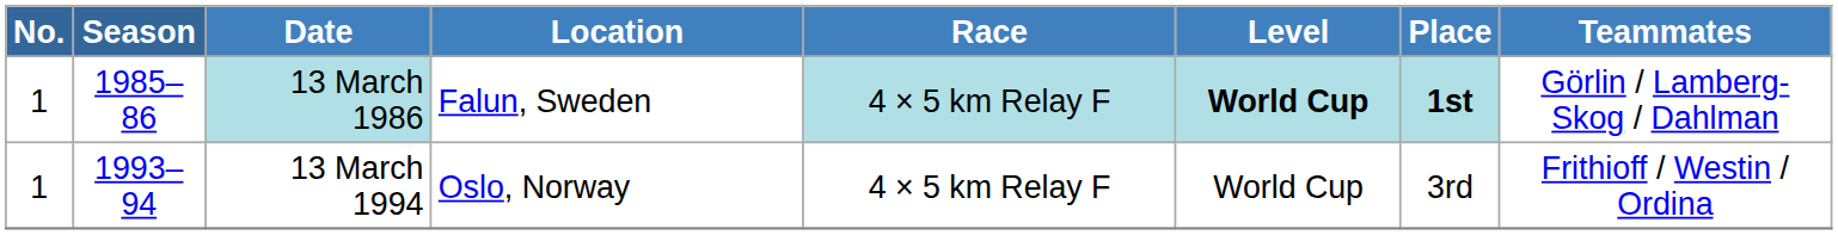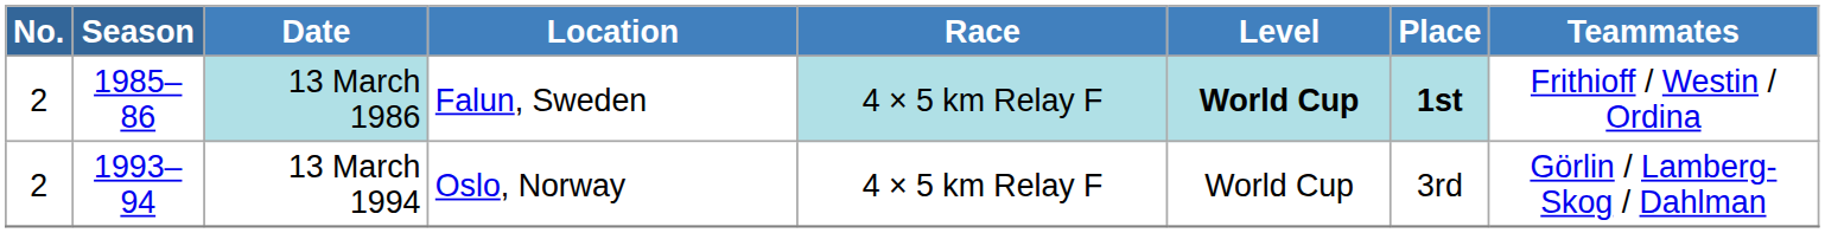 <table class="wikitable sortable" style="font-size:95%; text-align:center; border:grey solid 1px; border-collapse:collapse; background:#ffffff;">
 <tr style="background:#efefef;">
 <th style="background-color:#369; color:white;">No.</th>
 <th style="background-color:#369; color:white;">Season</th>
 <th style="background-color:#4180be; color:white; width:100px;">Date</th>
 <th style="background-color:#4180be; color:white; width:170px;">Location</th>
 <th style="background-color:#4180be; color:white; width:170px;">Race</th>
 <th style="background-color:#4180be; color:white; width:100px;">Level</th>
 <th style="background-color:#4180be; color:white;">Place</th>
 <th style="background-color:#4180be; color:white;">Teammates</th>
 </tr>
 <tr>
-<td align=center>1</td>
+<td align=center>2</td>
 <td rowspan=1 align=center><a href='#'>1985–86</a></td>
 <td bgcolor="#BOEOE6" align=right>13 March 1986</td>
 <td align=left> <a href='#'>Falun</a>, Sweden</td>
 <td bgcolor="#BOEOE6">4 × 5 km Relay F</td>
 <td bgcolor="#BOEOE6"><strong>World Cup</strong></td>
 <td bgcolor="#BOEOE6"><strong>1st</strong></td>
-<td><a href='#'>Görlin</a> / <a href='#'>Lamberg-Skog</a> / <a href='#'>Dahlman</a></td>
+<td><a href='#'>Frithioff</a> / <a href='#'>Westin</a> / <a href='#'>Ordina</a></td>
 </tr>
 <tr>
-<td align=center>1</td>
+<td align=center>2</td>
 <td rowspan=1 align=center><a href='#'>1993–94</a></td>
 <td align=right>13 March 1994</td>
 <td align=left> <a href='#'>Oslo</a>, Norway</td>
 <td>4 × 5 km Relay F</td>
 <td>World Cup</td>
 <td>3rd</td>
-<td><a href='#'>Frithioff</a> / <a href='#'>Westin</a> / <a href='#'>Ordina</a></td>
+<td><a href='#'>Görlin</a> / <a href='#'>Lamberg-Skog</a> / <a href='#'>Dahlman</a></td>
 </tr>
 <tr>
 </tr>
 </table>
